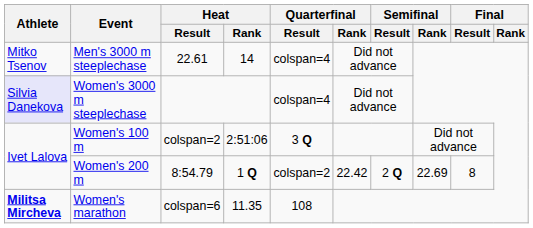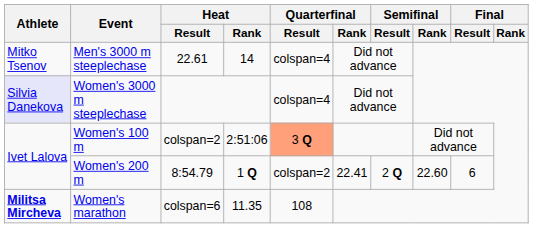 <table class="wikitable" style="font-size:90%">
 <tr>
 <th rowspan="2">Athlete</th>
 <th rowspan="2">Event</th>
 <th colspan="2">Heat</th>
 <th colspan="2">Quarterfinal</th>
 <th colspan="2">Semifinal</th>
 <th colspan="2">Final</th>
 </tr>
 <tr style="font-size:95%">
 <th>Result</th>
 <th>Rank</th>
 <th>Result</th>
 <th>Rank</th>
 <th>Result</th>
 <th>Rank</th>
 <th>Result</th>
 <th>Rank</th>
 </tr>
 <tr align=center>
 <td align=left><a href='#'>Mitko Tsenov</a></td>
 <td align=left><a href='#'>Men's 3000 m steeplechase</a></td>
 <td>22.61</td>
 <td>14</td>
 <td>colspan=4 </td>
 <td colspan=2>Did not advance</td>
 </tr>
 <tr align=center>
 <td align=left style="background: lavender;"><a href='#'>Silvia Danekova</a></td>
 <td align=left><a href='#'>Women's 3000 m steeplechase</a></td>
 <td colspan=2></td>
 <td>colspan=4 </td>
 <td colspan=2>Did not advance</td>
 </tr>
 <tr align=center>
 <td align=left rowspan=2><a href='#'>Ivet Lalova</a></td>
 <td align=left><a href='#'>Women's 100 m</a></td>
 <td>colspan=2 </td>
 <td>2:51:06</td>
-<td>3 <strong>Q</strong></td>
+<td style="background: lightsalmon;">3 <strong>Q</strong></td>
 <td colspan=2></td>
 <td colspan=2>Did not advance</td>
 </tr>
 <tr align=center>
 <td align=left><a href='#'>Women's 200 m</a></td>
 <td>8:54.79</td>
 <td>1 <strong>Q</strong></td>
 <td>colspan=2 </td>
-<td>22.42</td>
+<td>22.41</td>
 <td>2 <strong>Q</strong></td>
-<td>22.69</td>
-<td>8</td>
+<td>22.60</td>
+<td>6</td>
 </tr>
 <tr align=center>
 <td align=left><strong><a href='#'>Militsa Mircheva</a></strong></td>
 <td align=left><a href='#'>Women's marathon</a></td>
 <td>colspan=6 </td>
 <td>11.35</td>
 <td>108</td>
 </tr>
 </table>
